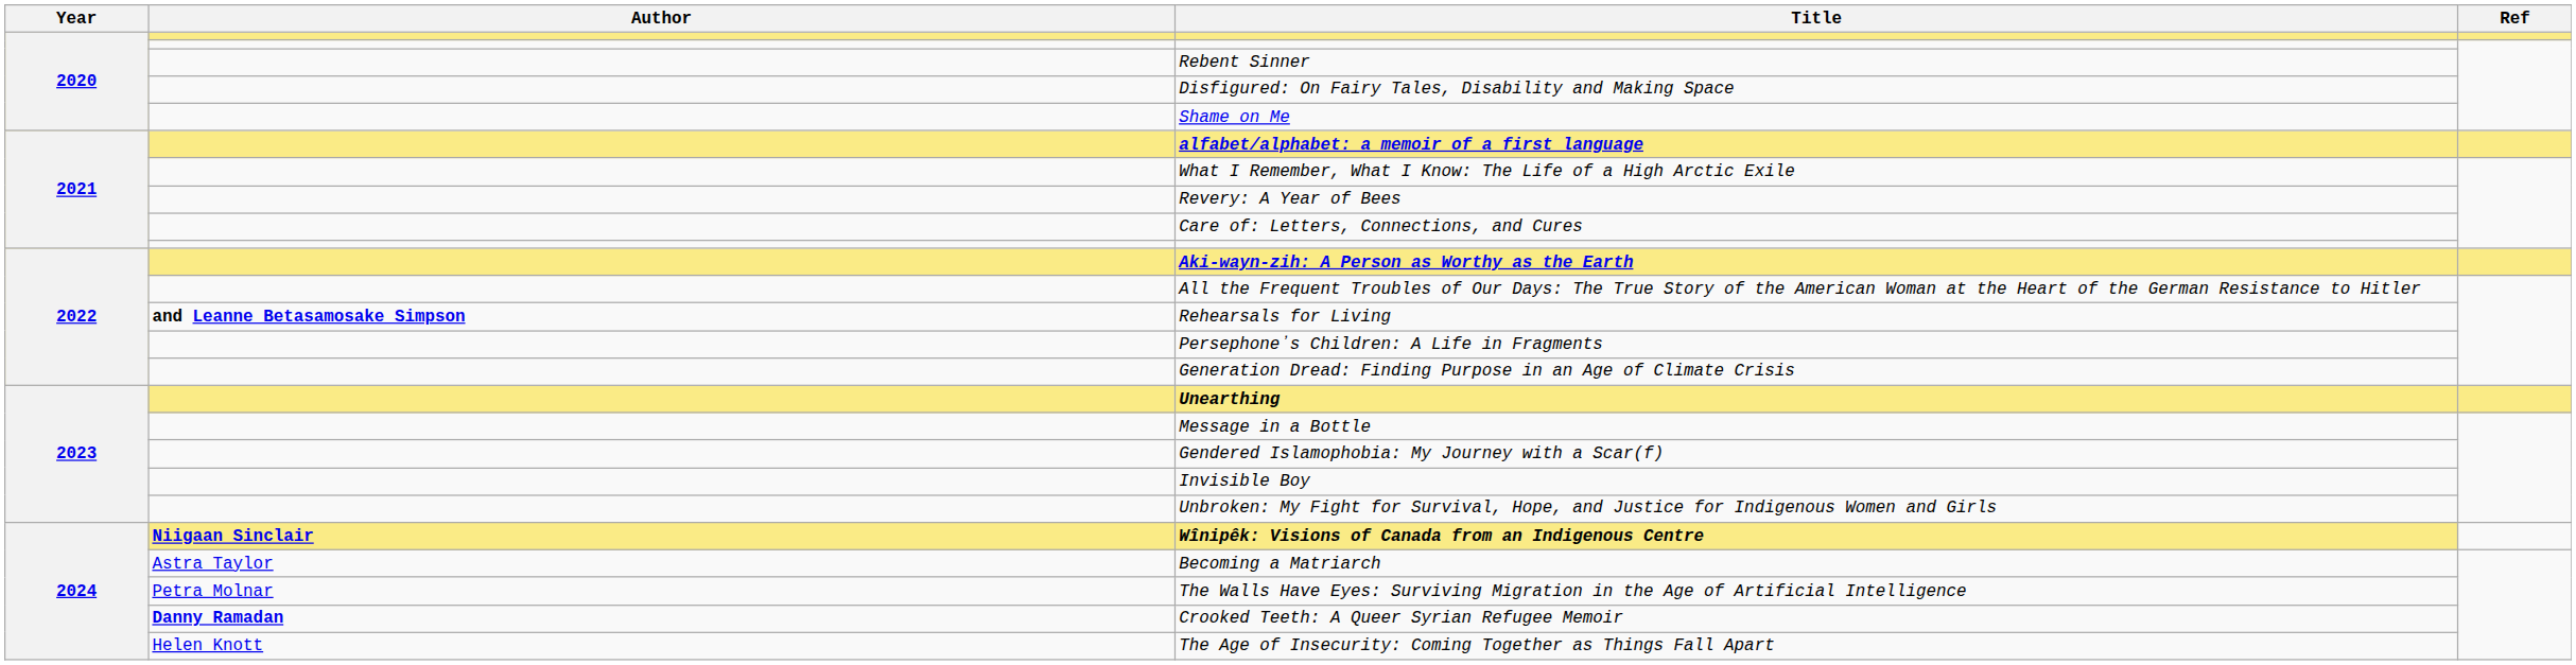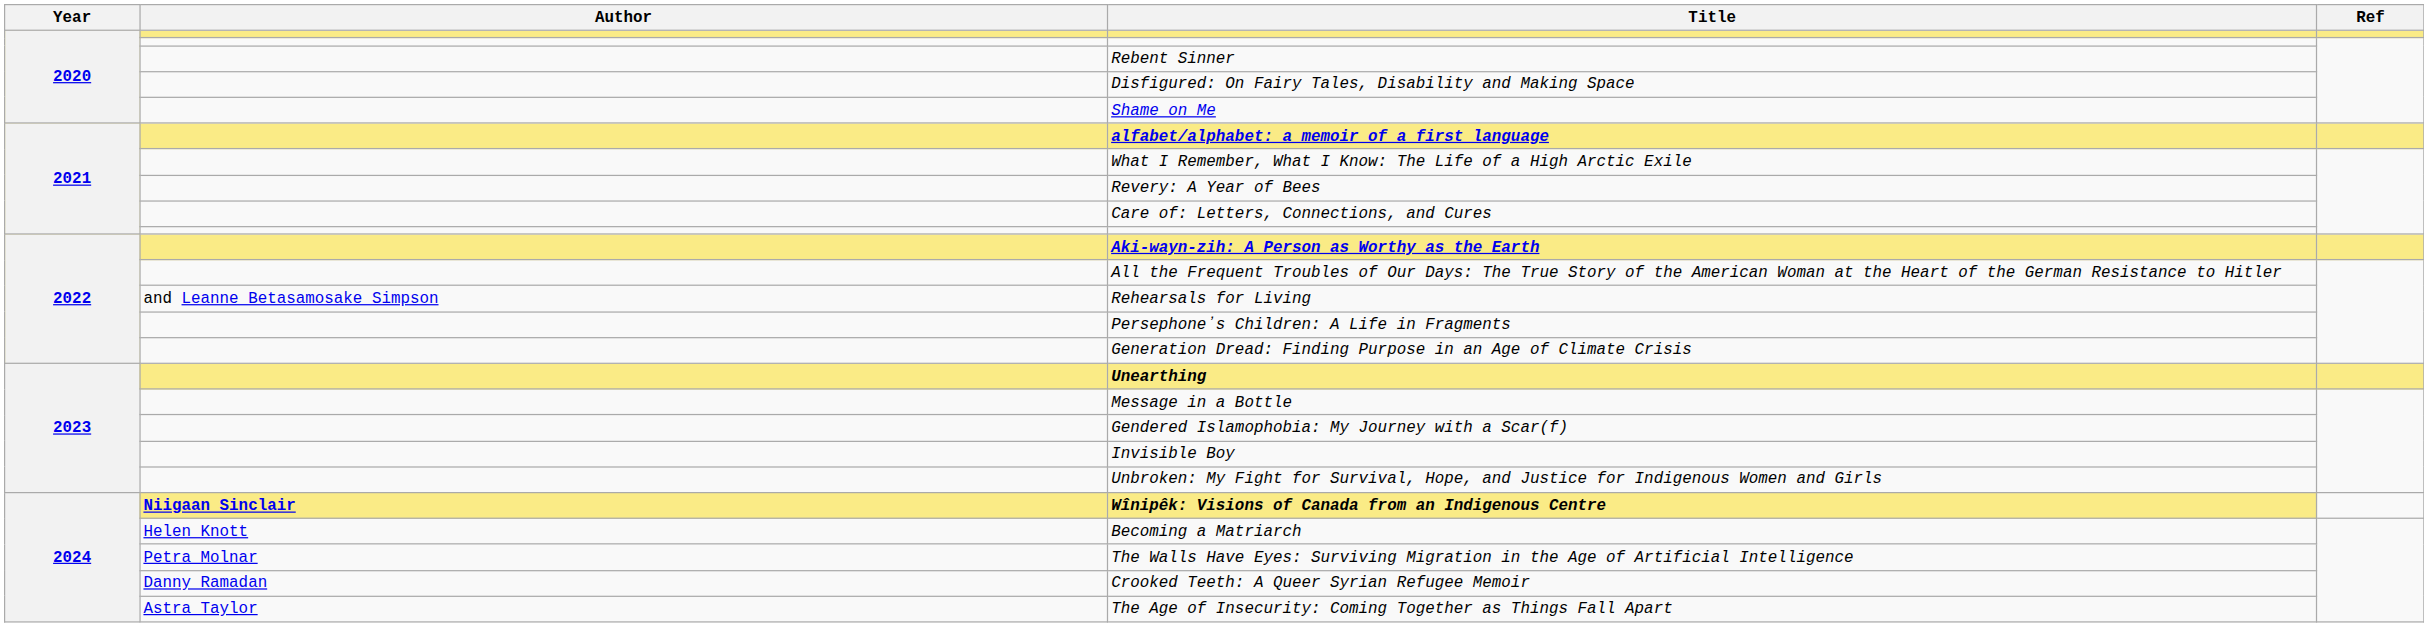 <table class="wikitable" width=100%>
 <tr>
 <th>Year</th>
 <th width="40%">Author</th>
 <th width="50%">Title</th>
 <th>Ref</th>
 </tr>
 <tr style="background:#FAEB86">
 <th rowspan="5"><a href='#'>2020</a></th>
 <td><strong></strong></td>
 <td><strong><em></em></strong></td>
 <td></td>
 </tr>
 <tr>
 <td></td>
 <td><em></em></td>
 <td rowspan="4"></td>
 </tr>
 <tr>
 <td></td>
 <td><em>Rebent Sinner</em></td>
 </tr>
 <tr>
 <td></td>
 <td><em>Disfigured: On Fairy Tales, Disability and Making Space</em></td>
 </tr>
 <tr>
 <td></td>
 <td><em><a href='#'>Shame on Me</a></em></td>
 </tr>
 <tr style="background:#FAEB86">
 <th rowspan="5"><a href='#'>2021</a></th>
 <td><strong></strong></td>
 <td><strong><em><a href='#'>alfabet/alphabet: a memoir of a first language</a></em></strong></td>
 <td></td>
 </tr>
 <tr>
 <td></td>
 <td><em>What I Remember, What I Know: The Life of a High Arctic Exile</em></td>
 <td rowspan="4"></td>
 </tr>
 <tr>
 <td></td>
 <td><em>Revery: A Year of Bees</em></td>
 </tr>
 <tr>
 <td></td>
 <td><em>Care of: Letters, Connections, and Cures</em></td>
 </tr>
 <tr>
 <td></td>
 <td><em></em></td>
 </tr>
 <tr style="background:#FAEB86">
 <th rowspan="5"><a href='#'>2022</a></th>
 <td><strong></strong></td>
 <td><strong><em><a href='#'>Aki-wayn-zih: A Person as Worthy as the Earth</a></em></strong></td>
 <td></td>
 </tr>
 <tr>
 <td></td>
 <td><em>All the Frequent Troubles of Our Days: The True Story of the American Woman at the Heart of the German Resistance to Hitler</em></td>
 <td rowspan="4"></td>
 </tr>
 <tr>
-<td><strong> and <a href='#'>Leanne Betasamosake Simpson</a></strong></td>
+<td> and <a href='#'>Leanne Betasamosake Simpson</a></td>
 <td><em>Rehearsals for Living</em></td>
 </tr>
 <tr>
 <td></td>
 <td><em>Persephoneʼs Children: A Life in Fragments</em></td>
 </tr>
 <tr>
 <td></td>
 <td><em>Generation Dread: Finding Purpose in an Age of Climate Crisis</em></td>
 </tr>
 <tr>
 <th rowspan="5"><a href='#'>2023</a></th>
 <td style="background:#FAEB86"><strong></strong></td>
 <td style="background:#FAEB86"><strong><em>Unearthing</em></strong></td>
 <td style="background:#FAEB86"></td>
 </tr>
 <tr>
 <td></td>
 <td><em>Message in a Bottle</em></td>
 <td rowspan=4></td>
 </tr>
 <tr>
 <td></td>
 <td><em>Gendered Islamophobia: My Journey with a Scar(f)</em></td>
 </tr>
 <tr>
 <td></td>
 <td><em>Invisible Boy</em></td>
 </tr>
 <tr>
 <td></td>
 <td><em>Unbroken: My Fight for Survival, Hope, and Justice for Indigenous Women and Girls</em></td>
 </tr>
 <tr>
 <th rowspan="5"><a href='#'>2024</a></th>
 <td style="background:#FAEB86"><strong><a href='#'>Niigaan Sinclair</a></strong></td>
 <td style="background:#FAEB86"><strong><em>Wînipêk: Visions of Canada from an Indigenous Centre</em></strong></td>
 <td></td>
 </tr>
 <tr>
-<td><a href='#'>Astra Taylor</a></td>
+<td><a href='#'>Helen Knott</a></td>
 <td><em>Becoming a Matriarch</em></td>
 <td rowspan=4></td>
 </tr>
 <tr>
 <td><a href='#'>Petra Molnar</a></td>
 <td><em>The Walls Have Eyes: Surviving Migration in the Age of Artificial Intelligence</em></td>
 </tr>
 <tr>
-<td><strong><a href='#'>Danny Ramadan</a></strong></td>
+<td><a href='#'>Danny Ramadan</a></td>
 <td><em>Crooked Teeth: A Queer Syrian Refugee Memoir</em></td>
 </tr>
 <tr>
-<td><a href='#'>Helen Knott</a></td>
+<td><a href='#'>Astra Taylor</a></td>
 <td><em>The Age of Insecurity: Coming Together as Things Fall Apart</em></td>
 </tr>
 </table>
